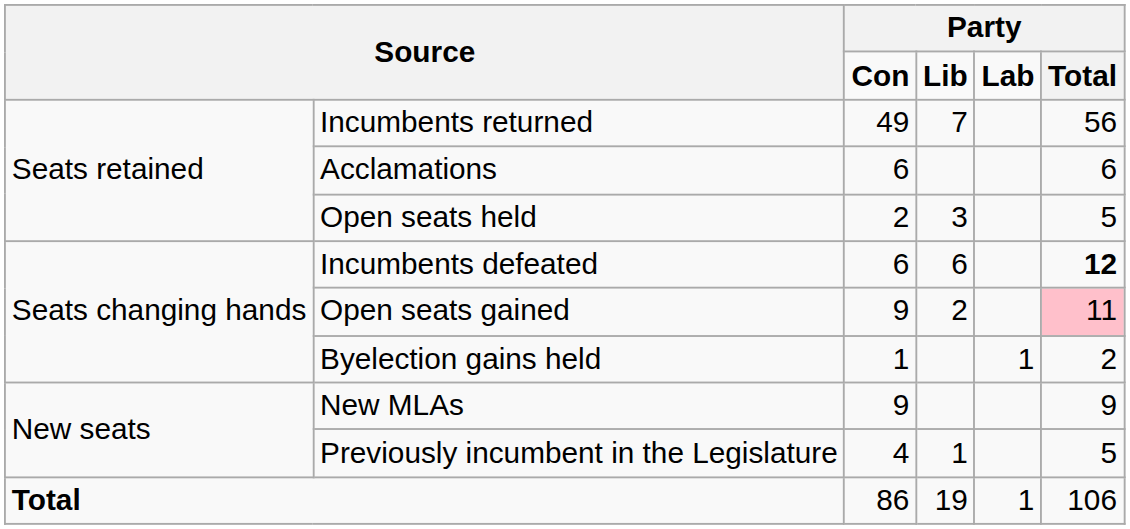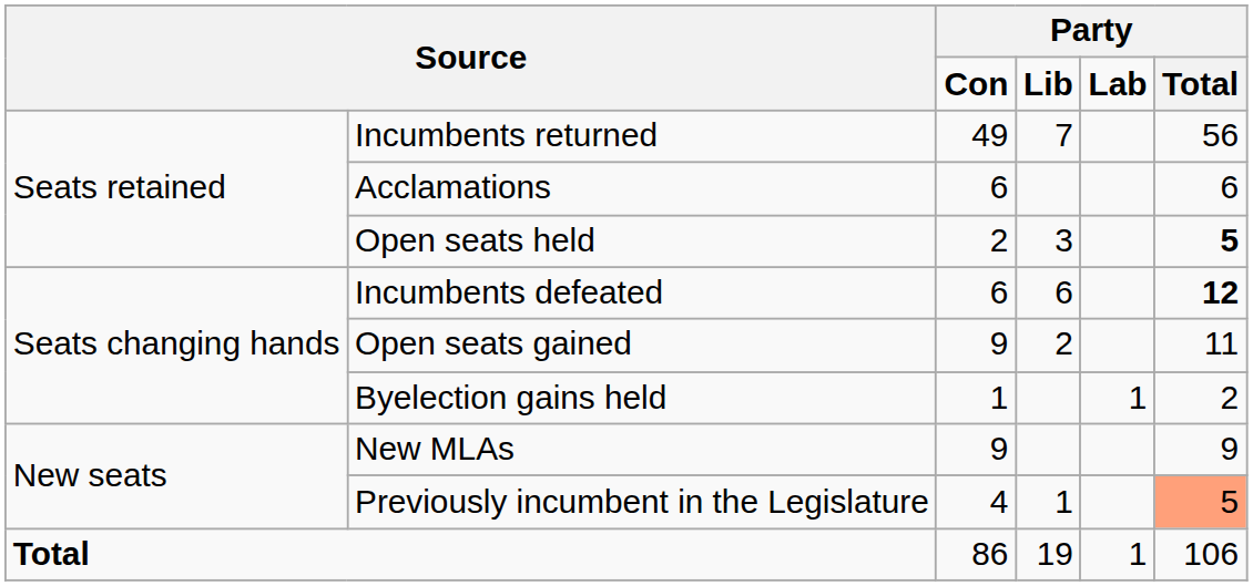 <table class="wikitable" style="text-align:right;">
 <tr>
 <th colspan="2" rowspan="2">Source</th>
 <th colspan="4">Party</th>
 </tr>
 <tr>
 <td><strong>Con</strong></td>
 <td><strong>Lib</strong></td>
 <td><strong>Lab</strong></td>
 <th>Total</th>
 </tr>
 <tr>
 <td rowspan="3" style="text-align:left;">Seats retained</td>
 <td style="text-align:left;">Incumbents returned</td>
 <td>49</td>
 <td>7</td>
 <td></td>
 <td>56</td>
 </tr>
 <tr>
 <td style="text-align:left;">Acclamations</td>
 <td>6</td>
 <td></td>
 <td></td>
 <td>6</td>
 </tr>
 <tr>
 <td style="text-align:left;">Open seats held</td>
 <td>2</td>
 <td>3</td>
 <td></td>
-<td>5</td>
+<td><strong>5</strong></td>
 </tr>
 <tr>
 <td rowspan="3" style="text-align:left;">Seats changing hands</td>
 <td style="text-align:left;">Incumbents defeated</td>
 <td>6</td>
 <td>6</td>
 <td></td>
 <td><strong>12</strong></td>
 </tr>
 <tr>
 <td style="text-align:left;">Open seats gained</td>
 <td>9</td>
 <td>2</td>
 <td></td>
-<td style="background: pink;">11</td>
+<td>11</td>
 </tr>
 <tr>
 <td style="text-align:left;">Byelection gains held</td>
 <td>1</td>
 <td></td>
 <td>1</td>
 <td>2</td>
 </tr>
 <tr>
 <td rowspan="2" style="text-align:left;">New seats</td>
 <td style="text-align:left;">New MLAs</td>
 <td>9</td>
 <td></td>
 <td></td>
 <td>9</td>
 </tr>
 <tr>
 <td style="text-align:left;">Previously incumbent in the Legislature</td>
 <td>4</td>
 <td>1</td>
 <td></td>
-<td>5</td>
+<td style="background: lightsalmon;">5</td>
 </tr>
 <tr>
 <td colspan="2" style="text-align:left;"><strong>Total</strong></td>
 <td>86</td>
 <td>19</td>
 <td>1</td>
 <td>106</td>
 </tr>
 </table>
